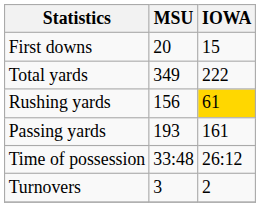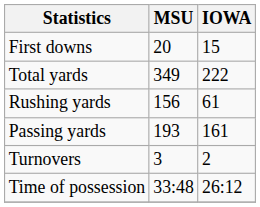 <table class="wikitable">
 <tr>
 <th>Statistics</th>
 <th>MSU</th>
 <th>IOWA</th>
 </tr>
 <tr>
 <td>First downs</td>
 <td>20</td>
 <td>15</td>
 </tr>
 <tr>
 <td>Total yards</td>
 <td>349</td>
 <td>222</td>
 </tr>
 <tr>
 <td>Rushing yards</td>
 <td>156</td>
-<td style="background: gold;">61</td>
+<td>61</td>
 </tr>
 <tr>
 <td>Passing yards</td>
 <td>193</td>
 <td>161</td>
 </tr>
 <tr>
+<td>Turnovers</td>
+<td>3</td>
+<td>2</td>
+</tr>
+<tr>
 <td>Time of possession</td>
 <td>33:48</td>
 <td>26:12</td>
 </tr>
 <tr>
-<td>Turnovers</td>
-<td>3</td>
-<td>2</td>
-</tr>
-<tr>
 </tr>
 </table>
